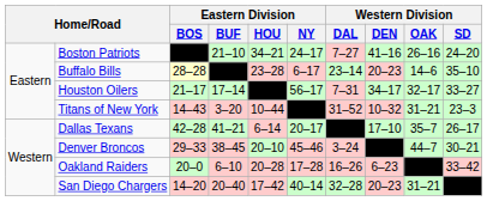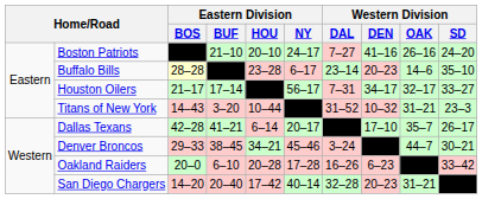 <table class="wikitable" style="font-size:95%; text-align:center">
 <tr>
 <th colspan="2" rowspan=2>Home/Road</th>
 <th colspan="4">Eastern Division</th>
 <th colspan="4">Western Division</th>
 </tr>
 <tr>
 <th><a href='#'>BOS</a></th>
 <th><a href='#'>BUF</a></th>
 <th><a href='#'>HOU</a></th>
 <th><a href='#'>NY</a></th>
 <th><a href='#'>DAL</a></th>
 <th><a href='#'>DEN</a></th>
 <th><a href='#'>OAK</a></th>
 <th><a href='#'>SD</a></th>
 </tr>
 <tr>
 <td rowspan="4">Eastern</td>
 <td align="left"><a href='#'>Boston Patriots</a></td>
 <td style="background:#000"></td>
 <td style="background:#cfc">21–10</td>
-<td style="background:#cfc">34–21</td>
+<td style="background:#cfc">20–10</td>
 <td style="background:#cfc">24–17</td>
 <td style="background:#fcc">7–27</td>
 <td style="background:#cfc">41–16</td>
 <td style="background:#cfc">26–16</td>
 <td style="background:#cfc">24–20</td>
 </tr>
 <tr>
 <td align="left"><a href='#'>Buffalo Bills</a></td>
 <td style="background:#ffc">28–28</td>
 <td style="background:#000"></td>
 <td style="background:#fcc">23–28</td>
 <td style="background:#fcc">6–17</td>
 <td style="background:#cfc">23–14</td>
 <td style="background:#fcc">20–23</td>
 <td style="background:#cfc">14–6</td>
 <td style="background:#cfc">35–10</td>
 </tr>
 <tr>
 <td align="left"><a href='#'>Houston Oilers</a></td>
 <td style="background:#cfc">21–17</td>
 <td style="background:#cfc">17–14</td>
 <td style="background:#000"></td>
 <td style="background:#cfc">56–17</td>
 <td style="background:#fcc">7–31</td>
 <td style="background:#cfc">34–17</td>
 <td style="background:#cfc">32–17</td>
 <td style="background:#cfc">33–27</td>
 </tr>
 <tr>
 <td align="left"><a href='#'>Titans of New York</a></td>
 <td style="background:#fcc">14–43</td>
 <td style="background:#fcc">3–20</td>
 <td style="background:#fcc">10–44</td>
 <td style="background:#000"></td>
 <td style="background:#fcc">31–52</td>
 <td style="background:#fcc">10–32</td>
 <td style="background:#cfc">31–21</td>
 <td style="background:#cfc">23–3</td>
 </tr>
 <tr>
 <td rowspan="4">Western</td>
 <td align="left"><a href='#'>Dallas Texans</a></td>
 <td style="background:#cfc">42–28</td>
 <td style="background:#cfc">41–21</td>
 <td style="background:#fcc">6–14</td>
 <td style="background:#cfc">20–17</td>
 <td style="background:#000"></td>
 <td style="background:#cfc">17–10</td>
 <td style="background:#cfc">35–7</td>
 <td style="background:#cfc">26–17</td>
 </tr>
 <tr>
 <td align="left"><a href='#'>Denver Broncos</a></td>
 <td style="background:#fcc">29–33</td>
 <td style="background:#fcc">38–45</td>
-<td style="background:#cfc">20–10</td>
+<td style="background:#cfc">34–21</td>
 <td style="background:#fcc">45–46</td>
 <td style="background:#fcc">3–24</td>
 <td style="background:#000"></td>
 <td style="background:#cfc">44–7</td>
 <td style="background:#cfc">30–21</td>
 </tr>
 <tr>
 <td align="left"><a href='#'>Oakland Raiders</a></td>
 <td style="background:#cfc">20–0</td>
 <td style="background:#fcc">6–10</td>
 <td style="background:#fcc">20–28</td>
 <td style="background:#fcc">17–28</td>
 <td style="background:#fcc">16–26</td>
 <td style="background:#fcc">6–23</td>
 <td style="background:#000"></td>
 <td style="background:#fcc">33–42</td>
 </tr>
 <tr>
 <td align="left"><a href='#'>San Diego Chargers</a></td>
 <td style="background:#fcc">14–20</td>
 <td style="background:#fcc">20–40</td>
 <td style="background:#fcc">17–42</td>
 <td style="background:#cfc">40–14</td>
 <td style="background:#cfc">32–28</td>
 <td style="background:#fcc">20–23</td>
 <td style="background:#cfc">31–21</td>
 <td style="background:#000"></td>
 </tr>
 </table>
